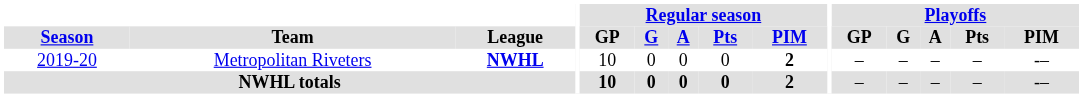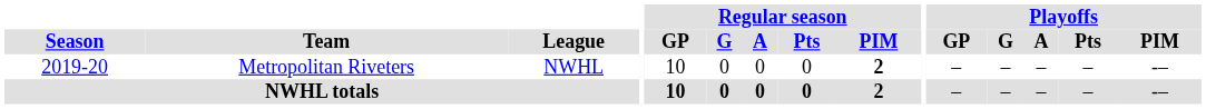 <table border="0" cellpadding="1" cellspacing="0" style="text-align:center; width:60em">
 <tr bgcolor="#e0e0e0">
 <th colspan="3" bgcolor="#ffffff"></th>
 <th rowspan="98" bgcolor="#ffffff"></th>
 <th colspan="5"><a href='#'>Regular season</a></th>
 <th rowspan="98" bgcolor="#ffffff"></th>
 <th colspan="5"><a href='#'>Playoffs</a></th>
 </tr>
 <tr bgcolor="#e0e0e0">
 <th><a href='#'>Season</a></th>
 <th>Team</th>
 <th>League</th>
 <th>GP</th>
 <th><a href='#'>G</a></th>
 <th><a href='#'>A</a></th>
 <th><a href='#'>Pts</a></th>
 <th><a href='#'>PIM</a></th>
 <th>GP</th>
 <th>G</th>
 <th>A</th>
 <th>Pts</th>
 <th>PIM</th>
 </tr>
 <tr>
 <td><a href='#'>2019-20</a></td>
 <td><a href='#'>Metropolitan Riveters</a></td>
-<td><strong><a href='#'>NWHL</a></strong></td>
+<td><a href='#'>NWHL</a></td>
 <td>10</td>
 <td>0</td>
 <td>0</td>
 <td>0</td>
 <td><strong>2</strong></td>
 <td>–</td>
 <td>–</td>
 <td>–</td>
 <td>–</td>
 <td>-–</td>
 </tr>
 <tr bgcolor="#e0e0e0">
 <th colspan="3">NWHL totals</th>
 <th>10</th>
 <th>0</th>
 <th>0</th>
 <th>0</th>
 <th>2</th>
 <td>–</td>
 <td>–</td>
 <td>–</td>
 <td>–</td>
 <td>-–</td>
 </tr>
 </table>
